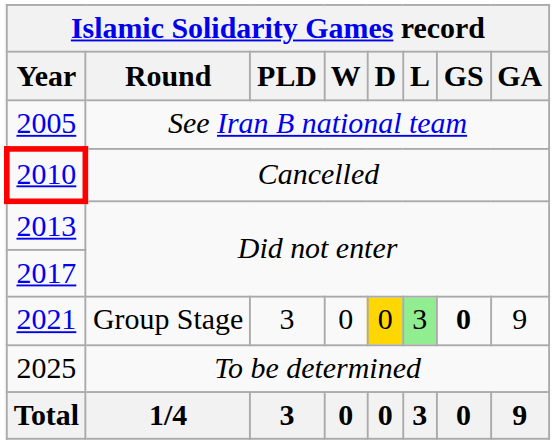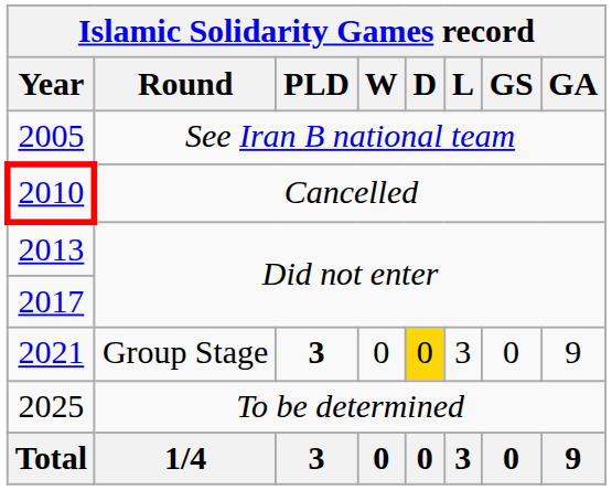 <table class="wikitable" style="text-align: center;">
 <tr>
 <th colspan="8"><a href='#'>Islamic Solidarity Games</a> record</th>
 </tr>
 <tr>
 <th>Year</th>
 <th>Round</th>
 <th>PLD</th>
 <th>W</th>
 <th>D</th>
 <th>L</th>
 <th>GS</th>
 <th>GA</th>
 </tr>
 <tr>
 <td> <a href='#'>2005</a></td>
 <td colspan=8><em>See <a href='#'>Iran B national team</a></em></td>
 </tr>
 <tr>
 <td style="border: 3px solid red"> <a href='#'>2010</a></td>
 <td colspan=8><em>Cancelled</em></td>
 </tr>
 <tr>
 <td> <a href='#'>2013</a></td>
 <td rowspan=2 colspan=8><em>Did not enter</em></td>
 </tr>
 <tr>
 <td> <a href='#'>2017</a></td>
 </tr>
 <tr>
 <td> <a href='#'>2021</a></td>
 <td>Group Stage</td>
+<td><strong>3</strong></td>
+<td>0</td>
+<td style="background: gold;">0</td>
 <td>3</td>
 <td>0</td>
-<td style="background: gold;">0</td>
-<td style="background: lightgreen;">3</td>
-<td><strong>0</strong></td>
 <td>9</td>
 </tr>
 <tr>
 <td> 2025</td>
 <td Colspan=8><em>To be determined</em></td>
 </tr>
 <tr style="background:#f0f0f0;font-weight:bold;">
 <th>Total</th>
 <th>1/4</th>
 <th>3</th>
 <th>0</th>
 <th>0</th>
 <th>3</th>
 <th>0</th>
 <th>9</th>
 </tr>
 </table>
